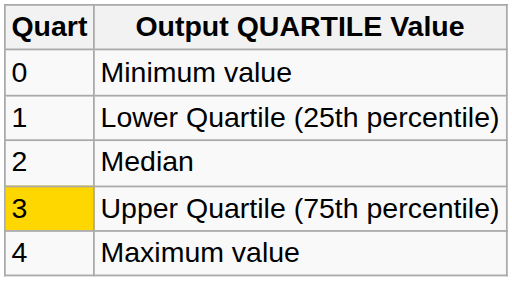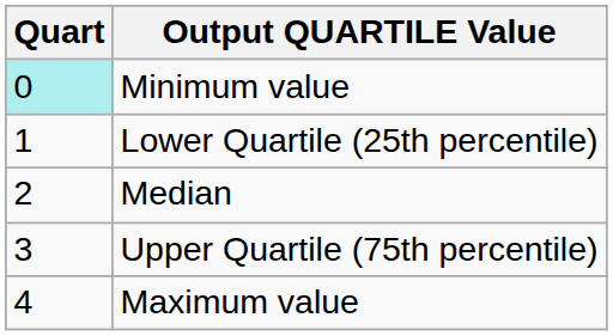 <table class="wikitable">
 <tr>
 <th>Quart</th>
 <th>Output QUARTILE Value</th>
 </tr>
 <tr>
-<td>0</td>
+<td style="background: paleturquoise;">0</td>
 <td>Minimum value</td>
 </tr>
 <tr>
 <td>1</td>
 <td>Lower Quartile (25th percentile)</td>
 </tr>
 <tr>
 <td>2</td>
 <td>Median</td>
 </tr>
 <tr>
-<td style="background: gold;">3</td>
+<td>3</td>
 <td>Upper Quartile (75th percentile)</td>
 </tr>
 <tr>
 <td>4</td>
 <td>Maximum value</td>
 </tr>
 </table>
